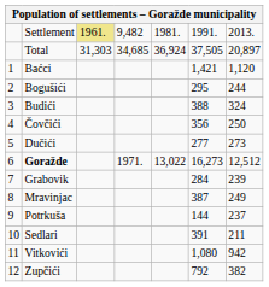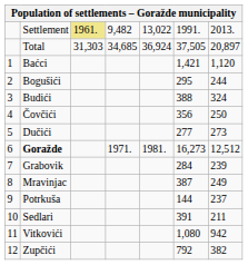 <table class="wikitable">
 <tr>
 <th colspan="7">Population of settlements – Goražde municipality</th>
 </tr>
 <tr>
 <td></td>
 <td>Settlement</td>
 <td style="background: khaki;">1961.</td>
 <td>9,482</td>
-<td>1981.</td>
+<td>13,022</td>
 <td>1991.</td>
 <td>2013.</td>
 </tr>
 <tr>
 <td></td>
 <td>Total</td>
 <td>31,303</td>
 <td>34,685</td>
 <td>36,924</td>
 <td>37,505</td>
 <td>20,897</td>
 </tr>
 <tr>
 <td>1</td>
 <td>Baćci</td>
 <td></td>
 <td></td>
 <td></td>
 <td>1,421</td>
 <td>1,120</td>
 </tr>
 <tr>
 <td>2</td>
 <td>Bogušići</td>
 <td></td>
 <td></td>
 <td></td>
 <td>295</td>
 <td>244</td>
 </tr>
 <tr>
 <td>3</td>
 <td>Budići</td>
 <td></td>
 <td></td>
 <td></td>
 <td>388</td>
 <td>324</td>
 </tr>
 <tr>
 <td>4</td>
 <td>Čovčići</td>
 <td></td>
 <td></td>
 <td></td>
 <td>356</td>
 <td>250</td>
 </tr>
 <tr>
 <td>5</td>
 <td>Dučići</td>
 <td></td>
 <td></td>
 <td></td>
 <td>277</td>
 <td>273</td>
 </tr>
 <tr>
 <td>6</td>
 <td><strong>Goražde</strong></td>
 <td></td>
 <td>1971.</td>
-<td>13,022</td>
+<td>1981.</td>
 <td>16,273</td>
 <td>12,512</td>
 </tr>
 <tr>
 <td>7</td>
 <td>Grabovik</td>
 <td></td>
 <td></td>
 <td></td>
 <td>284</td>
 <td>239</td>
 </tr>
 <tr>
 <td>8</td>
 <td>Mravinjac</td>
 <td></td>
 <td></td>
 <td></td>
 <td>387</td>
 <td>249</td>
 </tr>
 <tr>
 <td>9</td>
 <td>Potrkuša</td>
 <td></td>
 <td></td>
 <td></td>
 <td>144</td>
 <td>237</td>
 </tr>
 <tr>
 <td>10</td>
 <td>Sedlari</td>
 <td></td>
 <td></td>
 <td></td>
 <td>391</td>
 <td>211</td>
 </tr>
 <tr>
 <td>11</td>
 <td>Vitkovići</td>
 <td></td>
 <td></td>
 <td></td>
 <td>1,080</td>
 <td>942</td>
 </tr>
 <tr>
 <td>12</td>
 <td>Zupčići</td>
 <td></td>
 <td></td>
 <td></td>
 <td>792</td>
 <td>382</td>
 </tr>
 </table>
